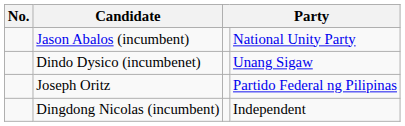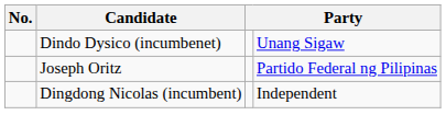 <table class="wikitable sortable" style="text-align:left;">
 <tr>
 <th>No.</th>
 <th>Candidate</th>
 <th colspan="2">Party</th>
-</tr>
-<tr>
-<td></td>
-<td><a href='#'>Jason Abalos</a> (incumbent)</td>
-<td></td>
-<td><a href='#'>National Unity Party</a></td>
 </tr>
 <tr>
 <td></td>
 <td>Dindo Dysico (incumbenet)</td>
 <td></td>
 <td><a href='#'>Unang Sigaw</a></td>
 </tr>
 <tr>
 <td></td>
 <td>Joseph Oritz</td>
 <td></td>
 <td><a href='#'>Partido Federal ng Pilipinas</a></td>
 </tr>
 <tr>
 <td></td>
 <td>Dingdong Nicolas (incumbent)</td>
 <td></td>
 <td>Independent</td>
 </tr>
 </table>
